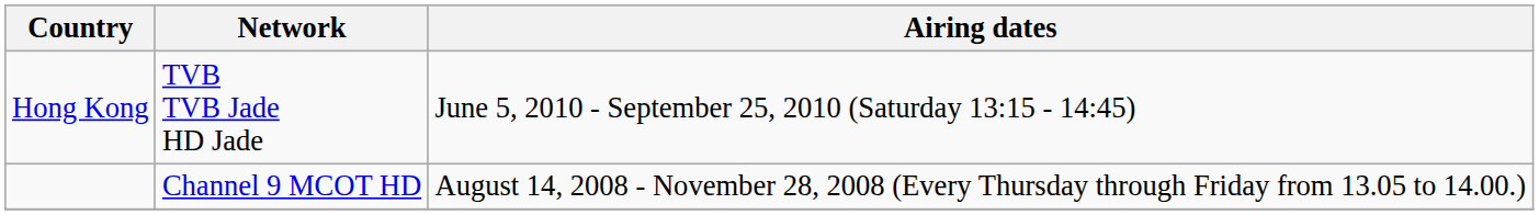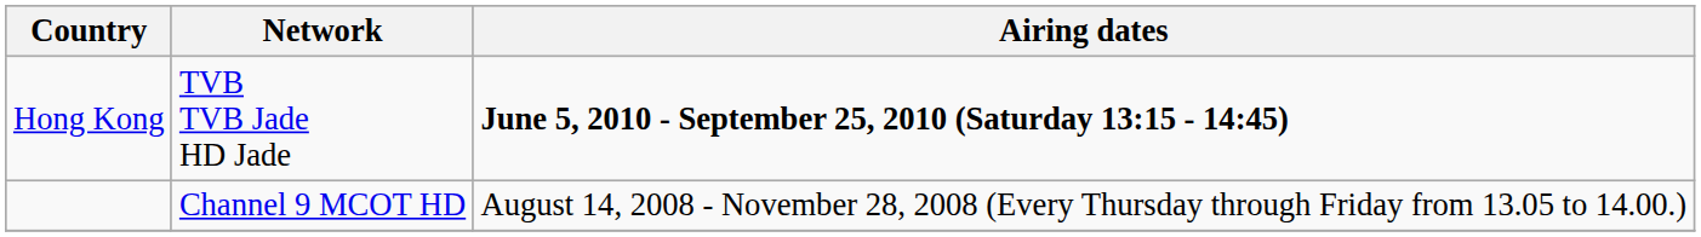 <table class="wikitable">
 <tr>
 <th>Country</th>
 <th>Network</th>
 <th>Airing dates</th>
 </tr>
 <tr>
 <td> <a href='#'>Hong Kong</a></td>
 <td><a href='#'>TVB</a> <br> <a href='#'>TVB Jade</a> <br> HD Jade</td>
-<td>June 5, 2010 - September 25, 2010 (Saturday 13:15 - 14:45)</td>
+<td><strong>June 5, 2010 - September 25, 2010 (Saturday 13:15 - 14:45)</strong></td>
 </tr>
 <tr>
 <td></td>
 <td><a href='#'>Channel 9 MCOT HD</a></td>
 <td>August 14, 2008 - November 28, 2008 (Every Thursday through Friday from 13.05 to 14.00.)</td>
 </tr>
 <tr>
 </tr>
 </table>
